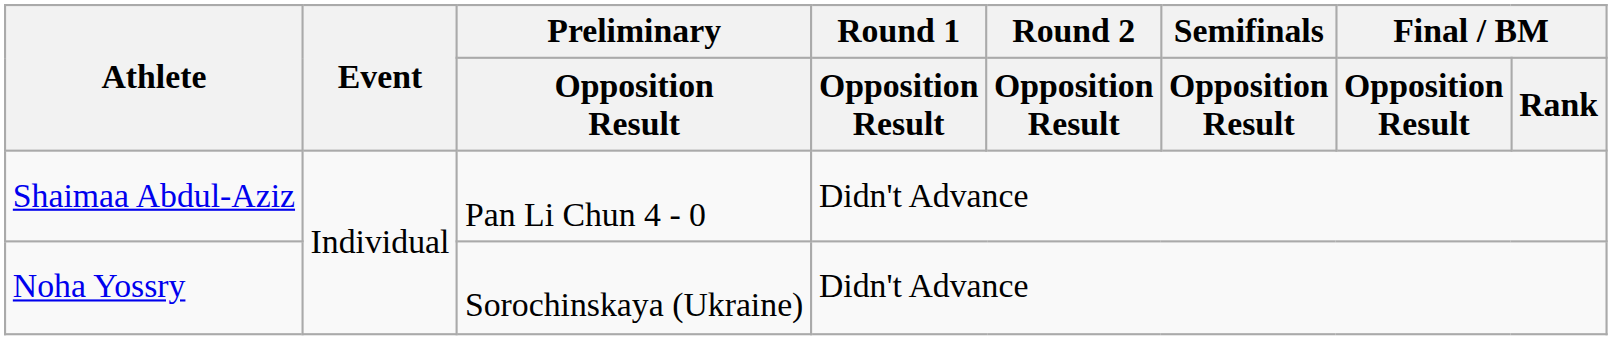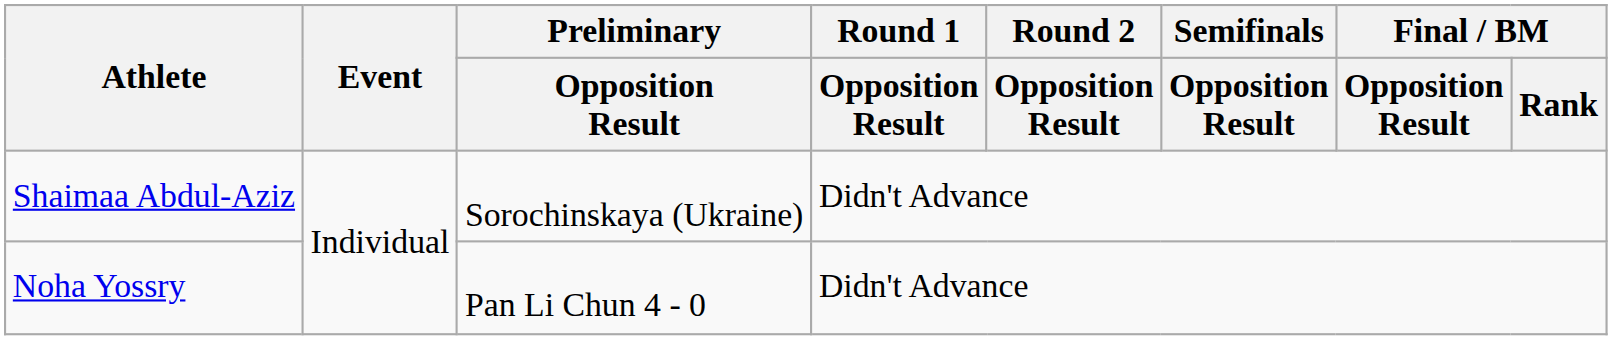 <table class="wikitable">
 <tr>
 <th rowspan="2">Athlete</th>
 <th rowspan="2">Event</th>
 <th>Preliminary</th>
 <th>Round 1</th>
 <th>Round 2</th>
 <th>Semifinals</th>
 <th colspan="2">Final / <abbr>BM</abbr></th>
 </tr>
 <tr>
 <th>Opposition<br>Result</th>
 <th>Opposition<br>Result</th>
 <th>Opposition<br>Result</th>
 <th>Opposition<br>Result</th>
 <th>Opposition<br>Result</th>
 <th>Rank</th>
 </tr>
 <tr>
 <td><a href='#'>Shaimaa Abdul-Aziz</a></td>
 <td rowspan="2">Individual</td>
-<td><br>Pan Li Chun 4 - 0</td>
+<td><br>Sorochinskaya (Ukraine)</td>
 <td colspan="5">Didn't Advance</td>
 </tr>
 <tr>
 <td><a href='#'>Noha Yossry</a></td>
-<td><br>Sorochinskaya (Ukraine)</td>
+<td><br>Pan Li Chun 4 - 0</td>
 <td colspan="5">Didn't Advance</td>
 </tr>
 </table>
